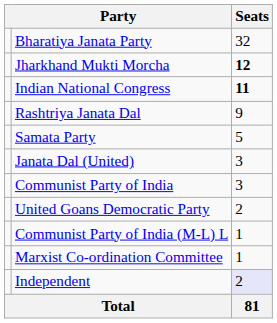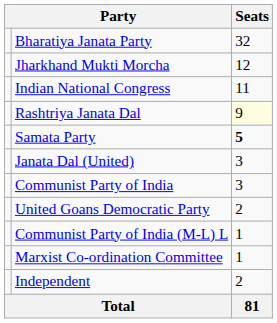 <table class="wikitable">
 <tr>
 <th colspan="2">Party</th>
 <th>Seats</th>
 </tr>
 <tr>
 <td style="background-color: "></td>
 <td><a href='#'>Bharatiya Janata Party</a></td>
 <td>32</td>
 </tr>
 <tr>
 <td style="background-color: "></td>
 <td><a href='#'>Jharkhand Mukti Morcha</a></td>
-<td><strong>12</strong></td>
+<td>12</td>
 </tr>
 <tr>
 <td style="background-color: "></td>
 <td><a href='#'>Indian National Congress</a></td>
-<td><strong>11</strong></td>
+<td>11</td>
 </tr>
 <tr>
 <td style="background-color: "></td>
 <td><a href='#'>Rashtriya Janata Dal</a></td>
-<td>9</td>
+<td style="background: lightyellow;">9</td>
 </tr>
 <tr>
 <td style="background-color: "></td>
 <td><a href='#'>Samata Party</a></td>
-<td>5</td>
+<td><strong>5</strong></td>
 </tr>
 <tr>
 <td style="background-color: "></td>
 <td><a href='#'>Janata Dal (United)</a></td>
 <td>3</td>
 </tr>
 <tr>
 <td style="background-color: "></td>
 <td><a href='#'>Communist Party of India</a></td>
 <td>3</td>
 </tr>
 <tr>
 <td style="background-color: "></td>
 <td><a href='#'>United Goans Democratic Party</a></td>
 <td>2</td>
 </tr>
 <tr>
 <td style="background-color: "></td>
 <td><a href='#'>Communist Party of India (M-L) L</a></td>
 <td>1</td>
 </tr>
 <tr>
 <td style="background-color: "></td>
 <td><a href='#'>Marxist Co-ordination Committee</a></td>
 <td>1</td>
 </tr>
 <tr>
 <td style="background-color: "></td>
 <td><a href='#'>Independent</a></td>
-<td style="background: lavender;">2</td>
+<td>2</td>
 </tr>
 <tr>
 <th colspan="2">Total</th>
 <th>81</th>
 </tr>
 </table>
